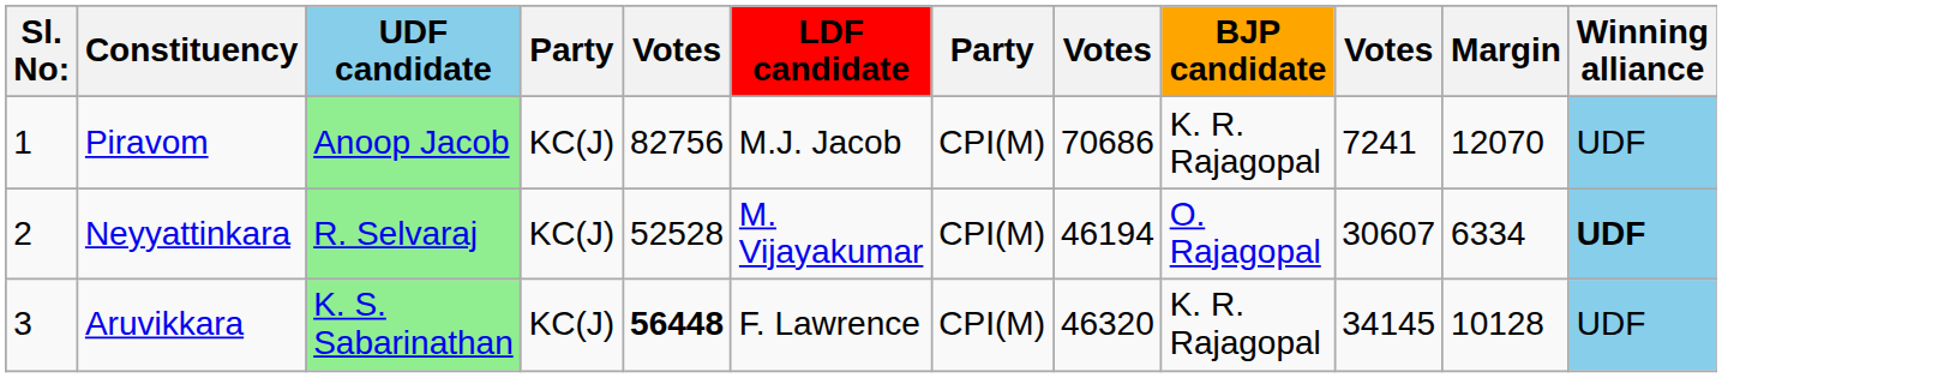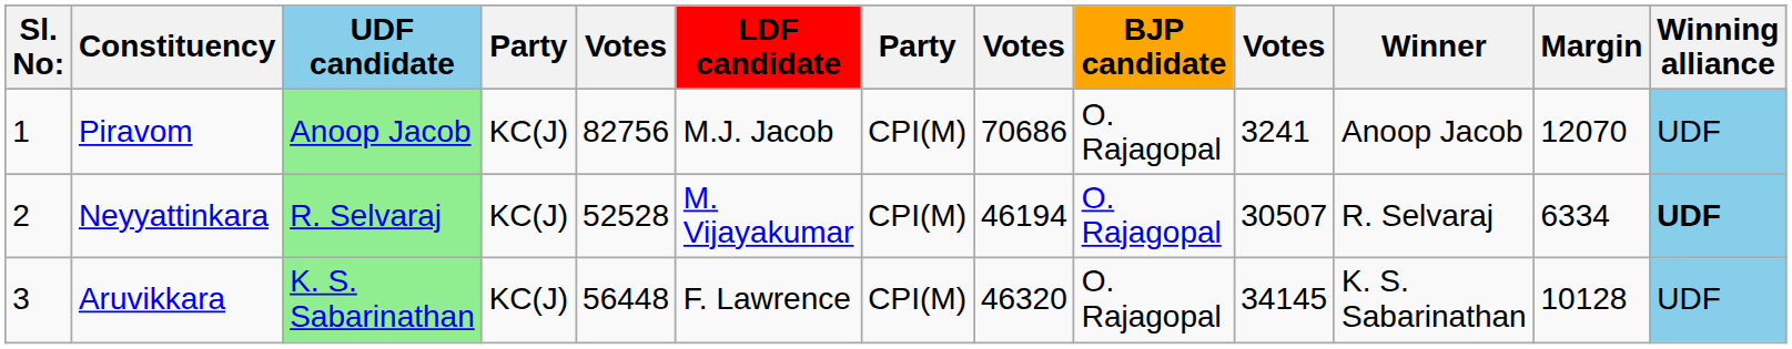 <table class="wikitable sortable collapsible">
 <tr>
 <th scope="col">Sl. No:</th>
 <th scope="col">Constituency</th>
 <th scope="col" class="unsortable" style="background:skyblue; color:black;">UDF candidate</th>
 <th scope="col">Party</th>
 <th scope="col">Votes</th>
 <th scope="col" class="unsortable" style="background:#f00; color:black;">LDF candidate</th>
 <th scope="col">Party</th>
 <th scope="col">Votes</th>
 <th scope="col" class="unsortable" style="background:ORANGE; color:black;">BJP candidate</th>
 <th scope="col">Votes</th>
+<th scope="col" style="bgcolor:gold;">Winner</th>
 <th scope="col">Margin</th>
 <th scope="col" style="bgcolor:gold;">Winning alliance</th>
 </tr>
 <tr>
 <td>1</td>
 <td><a href='#'>Piravom</a></td>
 <td style="background-color:lightgreen"><a href='#'>Anoop Jacob</a></td>
 <td>KC(J)</td>
 <td>82756</td>
 <td>M.J. Jacob</td>
 <td>CPI(M)</td>
 <td>70686</td>
-<td>K. R. Rajagopal</td>
-<td>7241</td>
+<td>O. Rajagopal</td>
+<td>3241</td>
+<td>Anoop Jacob</td>
 <td>12070</td>
 <td style="background-color:skyblue">UDF</td>
 </tr>
 <tr>
 <td>2</td>
 <td><a href='#'>Neyyattinkara</a></td>
 <td style="background-color:lightgreen"><a href='#'>R. Selvaraj</a></td>
 <td>KC(J)</td>
 <td>52528</td>
 <td><a href='#'>M. Vijayakumar</a></td>
 <td>CPI(M)</td>
 <td>46194</td>
 <td><a href='#'>O. Rajagopal</a></td>
-<td>30607</td>
+<td>30507</td>
+<td>R. Selvaraj</td>
 <td>6334</td>
 <td style="background-color:skyblue"><strong>UDF</strong></td>
 </tr>
 <tr>
 <td>3</td>
 <td><a href='#'>Aruvikkara</a></td>
 <td style="background-color:lightgreen"><a href='#'>K. S. Sabarinathan</a></td>
 <td>KC(J)</td>
-<td><strong>56448</strong></td>
+<td>56448</td>
 <td>F. Lawrence</td>
 <td>CPI(M)</td>
 <td>46320</td>
-<td>K. R. Rajagopal</td>
+<td>O. Rajagopal</td>
 <td>34145</td>
+<td>K. S. Sabarinathan</td>
 <td>10128</td>
 <td style="background-color:skyblue">UDF</td>
 </tr>
 </table>
